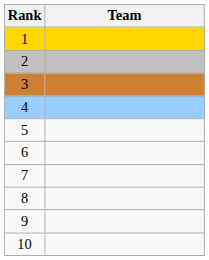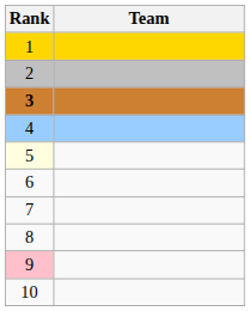 <table class="wikitable">
 <tr>
 <th>Rank</th>
 <th width=170>Team</th>
 </tr>
 <tr bgcolor=gold>
 <td align=center>1</td>
 <td></td>
 </tr>
 <tr bgcolor=silver>
 <td align=center>2</td>
 <td></td>
 </tr>
 <tr bgcolor=CD7F32>
-<td align=center>3</td>
+<td align=center><strong>3</strong></td>
 <td></td>
 </tr>
 <tr bgcolor=9acdff>
 <td align=center>4</td>
 <td></td>
 </tr>
 <tr>
-<td align=center>5</td>
+<td align=center style="background: lightyellow;">5</td>
 <td></td>
 </tr>
 <tr>
 <td align=center>6</td>
 <td></td>
 </tr>
 <tr>
 <td align=center>7</td>
 <td></td>
 </tr>
 <tr>
 <td align=center>8</td>
 <td></td>
 </tr>
 <tr>
-<td align=center>9</td>
+<td align=center style="background: pink;">9</td>
 <td></td>
 </tr>
 <tr>
 <td align=center>10</td>
 <td></td>
 </tr>
 <tr>
 </tr>
 </table>
